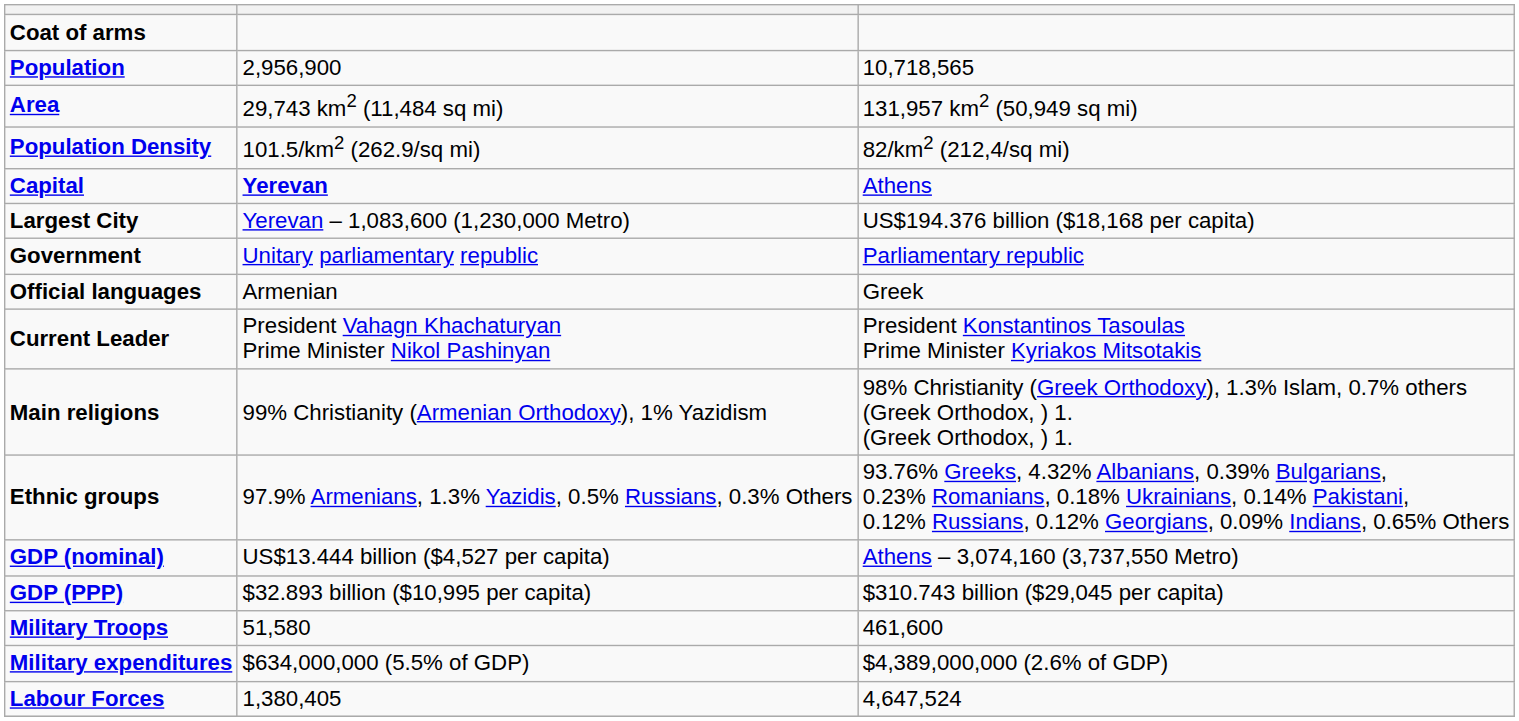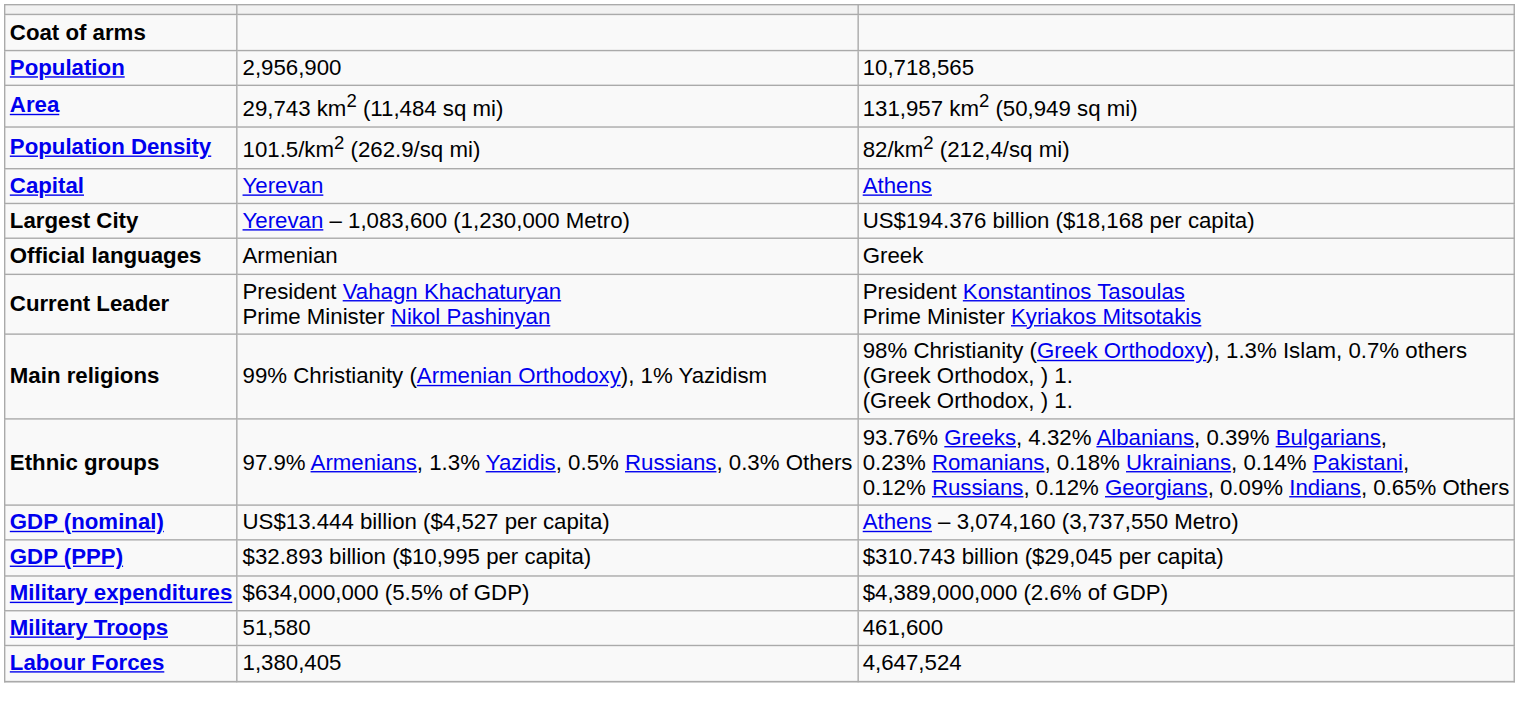 <table class="wikitable">
 <tr>
 <th></th>
 <th><strong></strong></th>
 <th><strong></strong></th>
 </tr>
 <tr>
 <td><strong>Coat of arms</strong></td>
 <td style="text-align:center"></td>
 <td style="text-align:center"></td>
 </tr>
 <tr>
 <td><strong><a href='#'>Population</a></strong></td>
 <td>2,956,900</td>
 <td>10,718,565</td>
 </tr>
 <tr>
 <td><strong><a href='#'>Area</a></strong></td>
 <td>29,743 km<sup>2</sup> (11,484 sq mi)</td>
 <td>131,957 km<sup>2</sup> (50,949 sq mi)</td>
 </tr>
 <tr>
 <td><strong><a href='#'>Population Density</a></strong></td>
 <td>101.5/km<sup>2</sup> (262.9/sq mi)</td>
 <td>82/km<sup>2</sup> (212,4/sq mi)</td>
 </tr>
 <tr>
 <td><strong><a href='#'>Capital</a></strong></td>
-<td><strong><a href='#'>Yerevan</a></strong></td>
+<td><a href='#'>Yerevan</a></td>
 <td><a href='#'>Athens</a></td>
 </tr>
 <tr>
 <td><strong>Largest City</strong></td>
 <td><a href='#'>Yerevan</a> – 1,083,600 (1,230,000 Metro)</td>
 <td>US$194.376 billion ($18,168 per capita)</td>
-</tr>
-<tr>
-<td><strong>Government</strong></td>
-<td><a href='#'>Unitary</a> <a href='#'>parliamentary</a> <a href='#'>republic</a></td>
-<td><a href='#'>Parliamentary republic</a></td>
 </tr>
 <tr>
 <td><strong>Official languages</strong></td>
 <td>Armenian</td>
 <td>Greek</td>
 </tr>
 <tr>
 <td><strong>Current Leader</strong></td>
 <td>President <a href='#'>Vahagn Khachaturyan</a><br> Prime Minister <a href='#'>Nikol Pashinyan</a></td>
 <td>President <a href='#'>Konstantinos Tasoulas</a><br> Prime Minister <a href='#'>Kyriakos Mitsotakis</a></td>
 </tr>
 <tr>
 <td><strong>Main religions</strong></td>
 <td>99% Christianity (<a href='#'>Armenian Orthodoxy</a>), 1% Yazidism</td>
 <td>98% Christianity (<a href='#'>Greek Orthodoxy</a>), 1.3% Islam, 0.7% others<br>(Greek Orthodox, ) 1.<br>(Greek Orthodox, ) 1.</td>
 </tr>
 <tr>
 <td><strong>Ethnic groups</strong></td>
 <td>97.9% <a href='#'>Armenians</a>, 1.3% <a href='#'>Yazidis</a>, 0.5% <a href='#'>Russians</a>, 0.3% Others</td>
 <td>93.76% <a href='#'>Greeks</a>, 4.32% <a href='#'>Albanians</a>, 0.39% <a href='#'>Bulgarians</a>, <br> 0.23% <a href='#'>Romanians</a>, 0.18% <a href='#'>Ukrainians</a>, 0.14% <a href='#'>Pakistani</a>, <br> 0.12% <a href='#'>Russians</a>, 0.12% <a href='#'>Georgians</a>, 0.09% <a href='#'>Indians</a>, 0.65% Others</td>
 </tr>
 <tr>
 <td><strong><a href='#'>GDP (nominal)</a></strong></td>
 <td>US$13.444 billion ($4,527 per capita)</td>
 <td><a href='#'>Athens</a> – 3,074,160 (3,737,550 Metro)</td>
 </tr>
 <tr>
 <td><strong><a href='#'>GDP (PPP)</a></strong></td>
 <td>$32.893 billion ($10,995 per capita)</td>
 <td>$310.743 billion ($29,045 per capita)</td>
 </tr>
 <tr>
+<td><strong><a href='#'>Military expenditures</a></strong></td>
+<td>$634,000,000 (5.5% of GDP)</td>
+<td>$4,389,000,000 (2.6% of GDP)</td>
+</tr>
+<tr>
 <td><strong><a href='#'>Military Troops</a></strong></td>
 <td>51,580</td>
 <td>461,600</td>
-</tr>
-<tr>
-<td><strong><a href='#'>Military expenditures</a></strong></td>
-<td>$634,000,000 (5.5% of GDP)</td>
-<td>$4,389,000,000 (2.6% of GDP)</td>
 </tr>
 <tr>
 <td><strong><a href='#'>Labour Forces</a></strong></td>
 <td>1,380,405</td>
 <td>4,647,524</td>
 </tr>
 <tr>
 </tr>
 </table>
